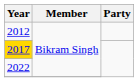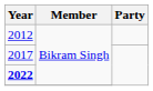 <table class="wikitable sortable">
 <tr>
 <th>Year</th>
 <th>Member</th>
 <th colspan="2">Party</th>
 </tr>
 <tr>
 <td><a href='#'>2012</a></td>
 <td rowspan=3><a href='#'>Bikram Singh</a></td>
 <td></td>
 </tr>
 <tr>
-<td style="background: gold;"><a href='#'>2017</a></td>
+<td><a href='#'>2017</a></td>
 </tr>
 <tr>
-<td><a href='#'>2022</a></td>
+<td><strong><a href='#'>2022</a></strong></td>
 </tr>
 <tr>
 </tr>
 </table>
